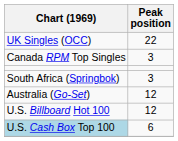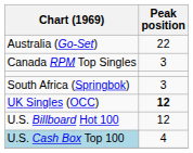 <table class="wikitable sortable">
 <tr>
 <th>Chart (1969)</th>
 <th>Peak<br>position</th>
 </tr>
 <tr>
-<td><a href='#'>UK Singles</a> (<a href='#'>OCC</a>)</td>
+<td>Australia (<em><a href='#'>Go-Set</a></em>)</td>
 <td style="text-align:center;">22</td>
 </tr>
 <tr>
 <td>Canada <em><a href='#'>RPM</a></em> Top Singles</td>
 <td style="text-align:center;">3</td>
 </tr>
 <tr>
 <td></td>
 </tr>
 <tr>
 <td>South Africa (<a href='#'>Springbok</a>)</td>
 <td align="center">3</td>
 </tr>
 <tr>
-<td>Australia (<em><a href='#'>Go-Set</a></em>)</td>
-<td style="text-align:center;">12</td>
+<td><a href='#'>UK Singles</a> (<a href='#'>OCC</a>)</td>
+<td style="text-align:center;"><strong>12</strong></td>
 </tr>
 <tr>
 <td>U.S. <em><a href='#'>Billboard</a></em> <a href='#'>Hot 100</a></td>
 <td style="text-align:center;">12</td>
 </tr>
 <tr>
 <td style="background: lightblue;">U.S. <a href='#'><em>Cash Box</em></a> Top 100</td>
-<td align="center">6</td>
+<td align="center">4</td>
 </tr>
 <tr>
 </tr>
 </table>
